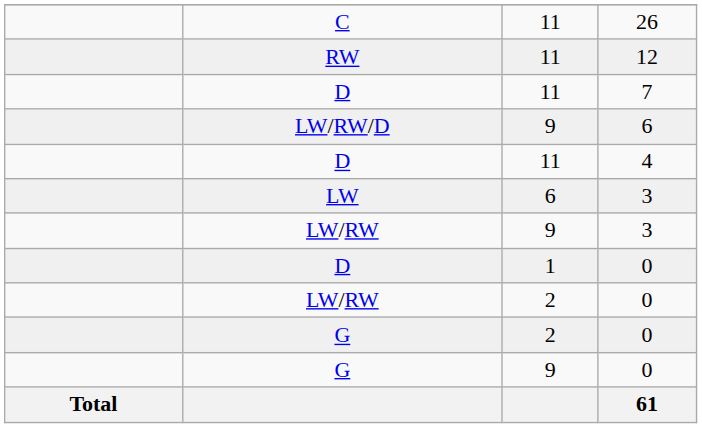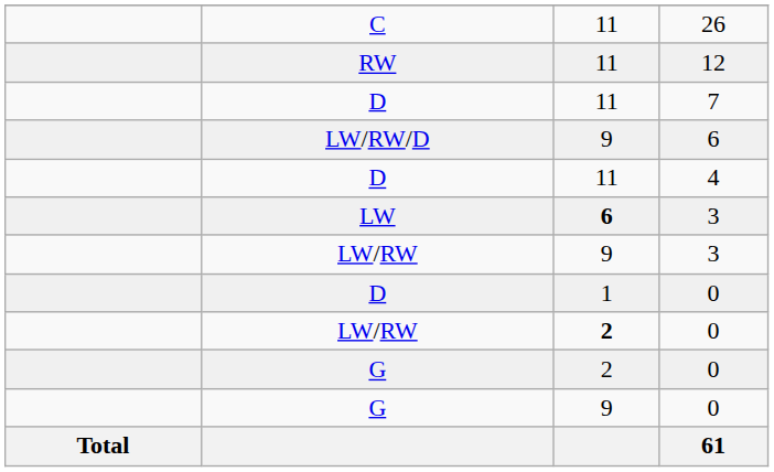 <table class="wikitable sortable" width ="40%">
 <tr align="center">
 </tr>
 <tr align="center" bgcolor="">
 <td></td>
 <td><a href='#'>C</a></td>
 <td>11</td>
 <td>26</td>
 </tr>
 <tr align="center" bgcolor="f0f0f0">
 <td></td>
 <td><a href='#'>RW</a></td>
 <td>11</td>
 <td>12</td>
 </tr>
 <tr align="center" bgcolor="">
 <td></td>
 <td><a href='#'>D</a></td>
 <td>11</td>
 <td>7</td>
 </tr>
 <tr align="center" bgcolor="f0f0f0">
 <td></td>
 <td><a href='#'>LW</a>/<a href='#'>RW</a>/<a href='#'>D</a></td>
 <td>9</td>
 <td>6</td>
 </tr>
 <tr align="center" bgcolor="">
 <td></td>
 <td><a href='#'>D</a></td>
 <td>11</td>
 <td>4</td>
 </tr>
 <tr align="center" bgcolor="f0f0f0">
 <td></td>
 <td><a href='#'>LW</a></td>
-<td>6</td>
+<td><strong>6</strong></td>
 <td>3</td>
 </tr>
 <tr align="center" bgcolor="">
 <td></td>
 <td><a href='#'>LW</a>/<a href='#'>RW</a></td>
 <td>9</td>
 <td>3</td>
 </tr>
 <tr align="center" bgcolor="f0f0f0">
 <td></td>
 <td><a href='#'>D</a></td>
 <td>1</td>
 <td>0</td>
 </tr>
 <tr align="center" bgcolor="">
 <td></td>
 <td><a href='#'>LW</a>/<a href='#'>RW</a></td>
-<td>2</td>
+<td><strong>2</strong></td>
 <td>0</td>
 </tr>
 <tr align="center" bgcolor="f0f0f0">
 <td></td>
 <td><a href='#'>G</a></td>
 <td>2</td>
 <td>0</td>
 </tr>
 <tr align="center" bgcolor="">
 <td></td>
 <td><a href='#'>G</a></td>
 <td>9</td>
 <td>0</td>
 </tr>
 <tr>
 <th>Total</th>
 <th></th>
 <th></th>
 <th>61</th>
 </tr>
 </table>
